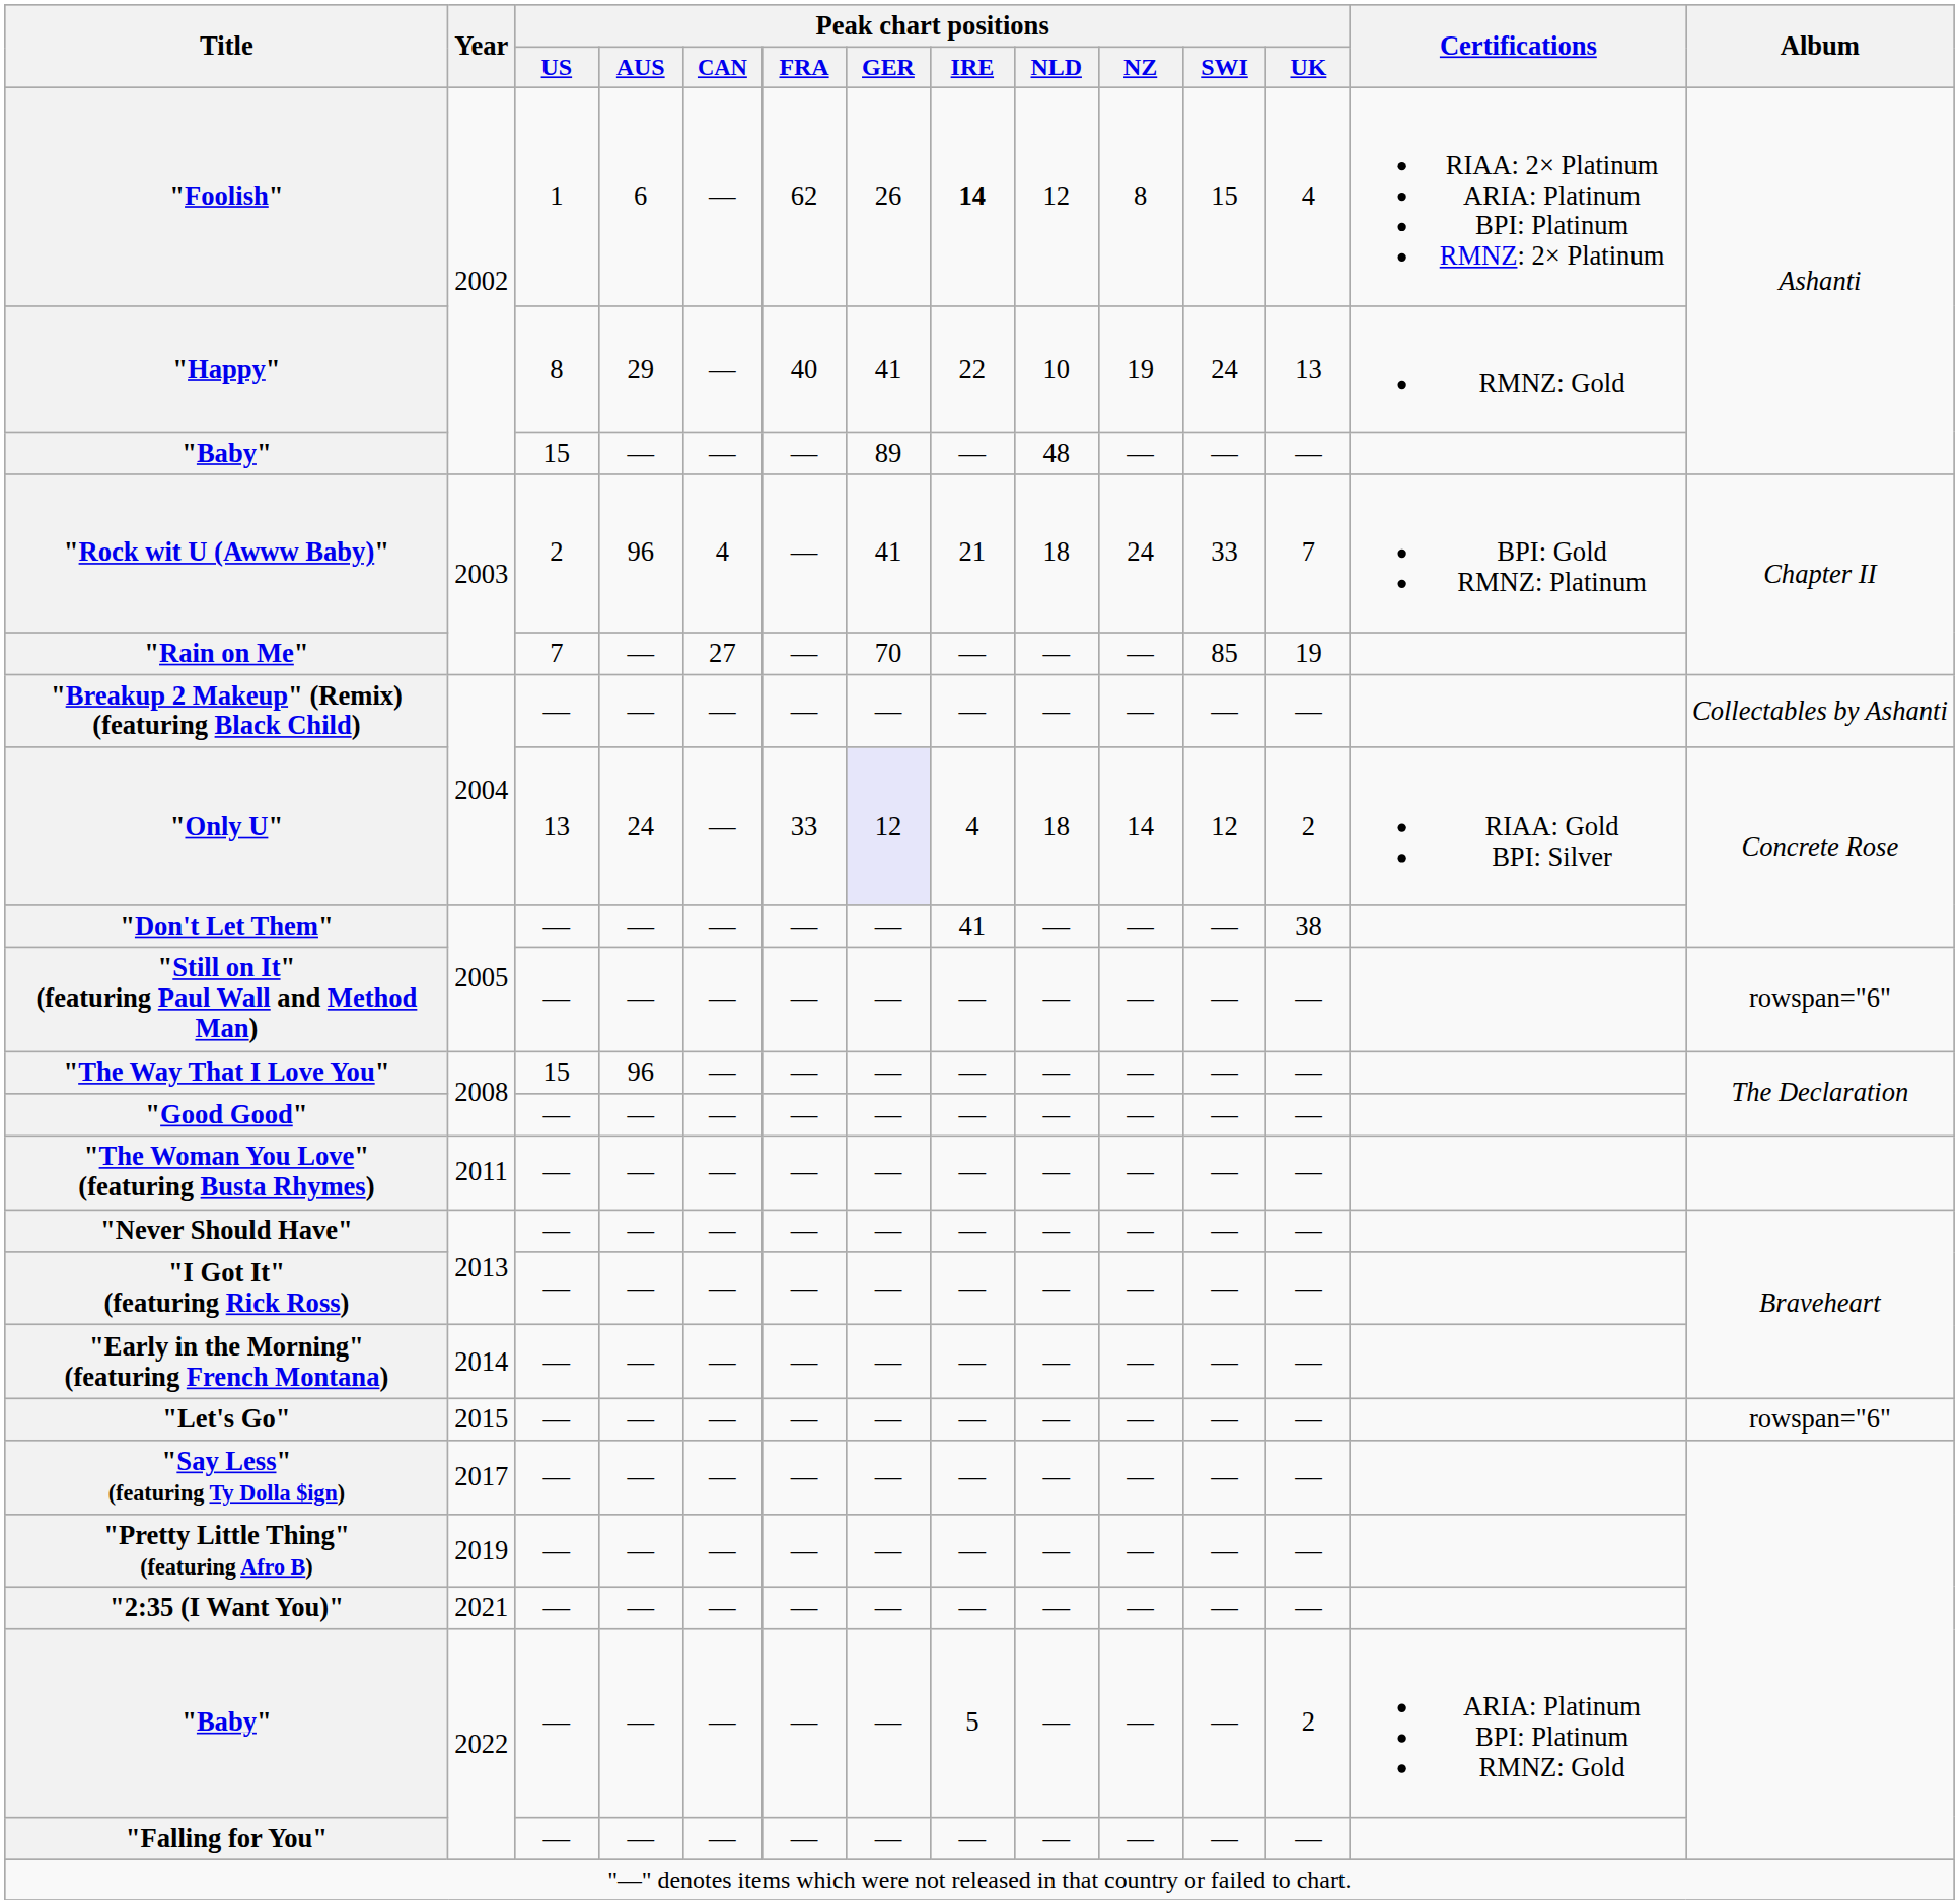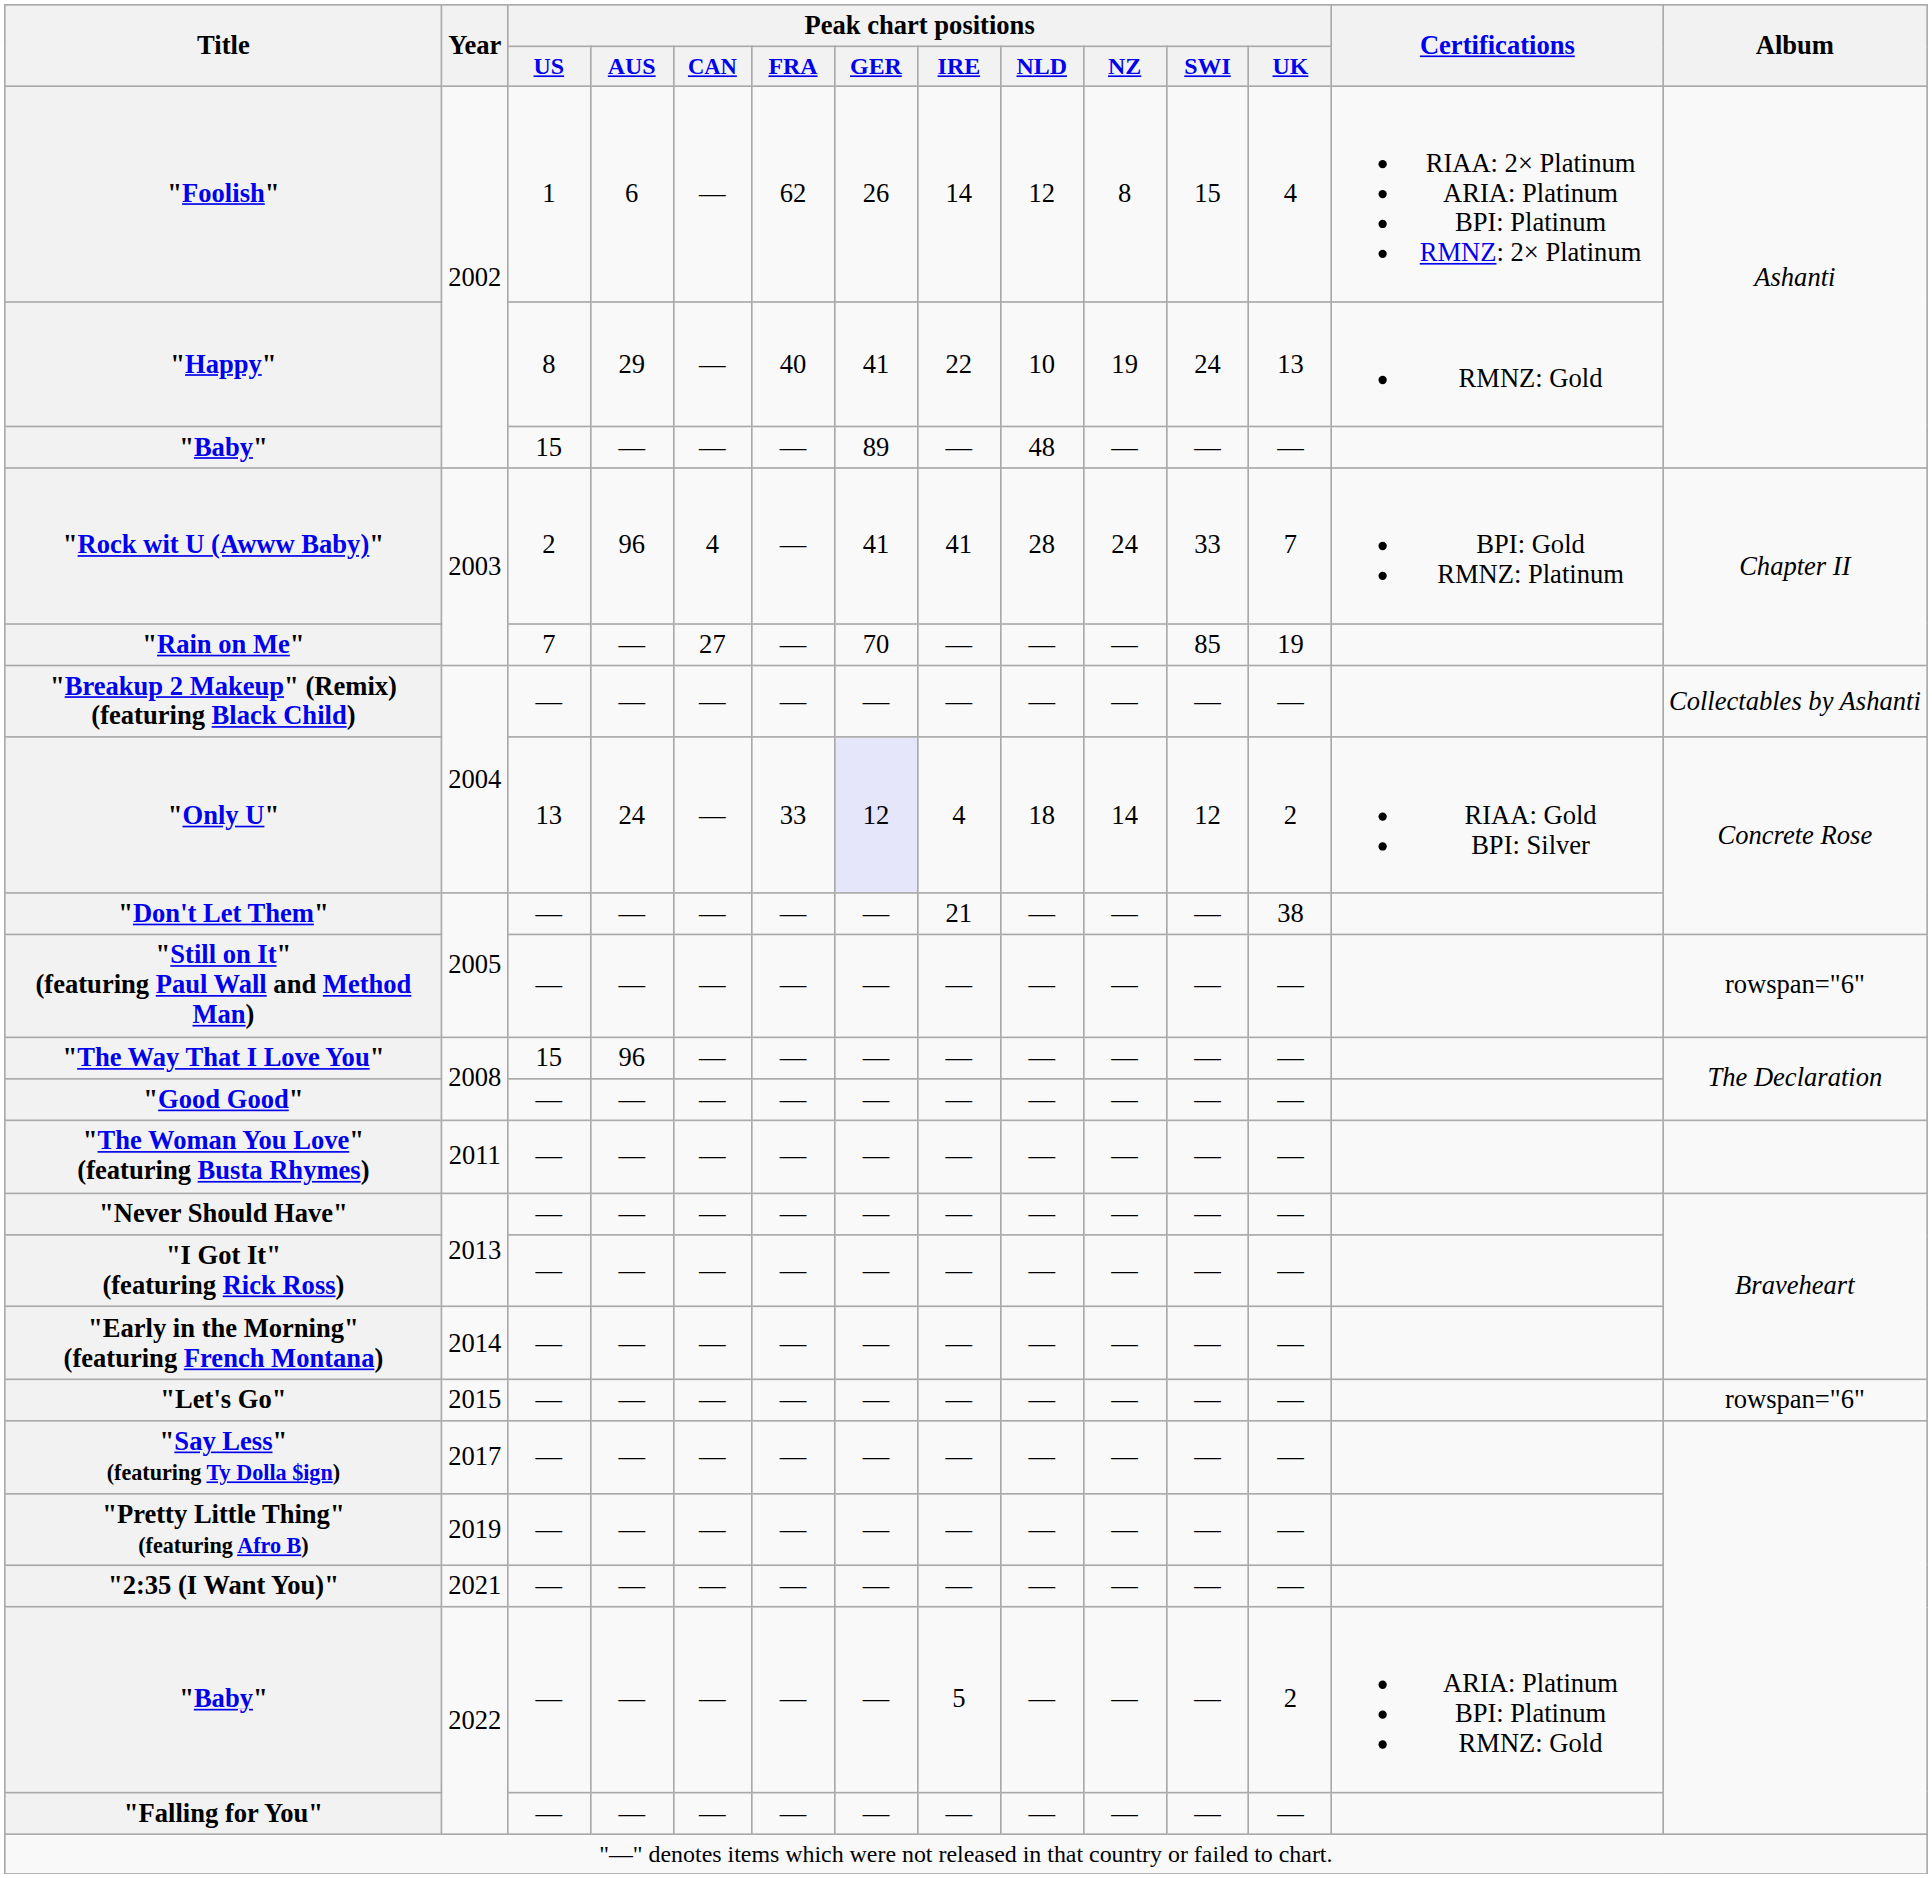 <table class="wikitable plainrowheaders" style="text-align:center;" border="1">
 <tr>
 <th scope="col" rowspan="2" style="width:16em;">Title</th>
 <th scope="col" rowspan="2">Year</th>
 <th scope="col" colspan="10">Peak chart positions</th>
 <th scope="col" rowspan="2" style="width:12em;"><a href='#'>Certifications</a></th>
 <th scope="col" rowspan="2">Album</th>
 </tr>
 <tr>
 <th style="width:3em;font-size:90%"><a href='#'>US</a><br></th>
 <th style="width:3em;font-size:90%"><a href='#'>AUS</a><br></th>
 <th style="width:3em;font-size:85%"><a href='#'>CAN</a><br></th>
 <th style="width:3em;font-size:90%"><a href='#'>FRA</a><br></th>
 <th style="width:3em;font-size:90%"><a href='#'>GER</a><br></th>
 <th style="width:3em;font-size:90%"><a href='#'>IRE</a><br></th>
 <th style="width:3em;font-size:90%"><a href='#'>NLD</a><br></th>
 <th style="width:3em;font-size:90%"><a href='#'>NZ</a><br></th>
 <th style="width:3em;font-size:90%"><a href='#'>SWI</a><br></th>
 <th style="width:3em;font-size:90%"><a href='#'>UK</a><br></th>
 </tr>
 <tr>
 <th scope="row">"<a href='#'>Foolish</a>"</th>
 <td rowspan="3">2002</td>
 <td>1</td>
 <td>6</td>
 <td>—</td>
 <td>62</td>
 <td>26</td>
-<td><strong>14</strong></td>
+<td>14</td>
 <td>12</td>
 <td>8</td>
 <td>15</td>
 <td>4</td>
 <td><br><ul><li>RIAA: 2× Platinum</li><li>ARIA: Platinum</li><li>BPI: Platinum</li><li><a href='#'>RMNZ</a>: 2× Platinum</li></ul></td>
 <td rowspan="3"><em>Ashanti</em></td>
 </tr>
 <tr>
 <th scope="row">"<a href='#'>Happy</a>"</th>
 <td>8</td>
 <td>29</td>
 <td>—</td>
 <td>40</td>
 <td>41</td>
 <td>22</td>
 <td>10</td>
 <td>19</td>
 <td>24</td>
 <td>13</td>
 <td><br><ul><li>RMNZ: Gold</li></ul></td>
 </tr>
 <tr>
 <th scope="row">"<a href='#'>Baby</a>"</th>
 <td>15</td>
 <td>—</td>
 <td>—</td>
 <td>—</td>
 <td>89</td>
 <td>—</td>
 <td>48</td>
 <td>—</td>
 <td>—</td>
 <td>—</td>
 <td></td>
 </tr>
 <tr>
 <th scope="row">"<a href='#'>Rock wit U (Awww Baby)</a>"</th>
 <td rowspan="2">2003</td>
 <td>2</td>
 <td>96</td>
 <td>4</td>
 <td>—</td>
 <td>41</td>
-<td>21</td>
-<td>18</td>
+<td>41</td>
+<td>28</td>
 <td>24</td>
 <td>33</td>
 <td>7</td>
 <td><br><ul><li>BPI: Gold</li><li>RMNZ: Platinum</li></ul></td>
 <td rowspan="2"><em>Chapter II</em></td>
 </tr>
 <tr>
 <th scope="row">"<a href='#'>Rain on Me</a>"</th>
 <td>7</td>
 <td>—</td>
 <td>27</td>
 <td>—</td>
 <td>70</td>
 <td>—</td>
 <td>—</td>
 <td>—</td>
 <td>85</td>
 <td>19</td>
 <td></td>
 </tr>
 <tr>
 <th scope="row">"<a href='#'>Breakup 2 Makeup</a>" (Remix) <br><span>(featuring <a href='#'>Black Child</a>)</span></th>
 <td rowspan="2">2004</td>
 <td>—</td>
 <td>—</td>
 <td>—</td>
 <td>—</td>
 <td>—</td>
 <td>—</td>
 <td>—</td>
 <td>—</td>
 <td>—</td>
 <td>—</td>
 <td></td>
 <td><em>Collectables by Ashanti</em></td>
 </tr>
 <tr>
 <th scope="row">"<a href='#'>Only U</a>"</th>
 <td>13</td>
 <td>24</td>
 <td>—</td>
 <td>33</td>
 <td style="background: lavender;">12</td>
 <td>4</td>
 <td>18</td>
 <td>14</td>
 <td>12</td>
 <td>2</td>
 <td><br><ul><li>RIAA: Gold</li><li>BPI: Silver</li></ul></td>
 <td rowspan="2"><em>Concrete Rose</em></td>
 </tr>
 <tr>
 <th scope="row">"<a href='#'>Don't Let Them</a>"</th>
 <td rowspan="2">2005</td>
 <td>—</td>
 <td>—</td>
 <td>—</td>
 <td>—</td>
 <td>—</td>
-<td>41</td>
+<td>21</td>
 <td>—</td>
 <td>—</td>
 <td>—</td>
 <td>38</td>
 <td></td>
 </tr>
 <tr>
 <th scope="row">"<a href='#'>Still on It</a>"<br><span>(featuring <a href='#'>Paul Wall</a> and <a href='#'>Method Man</a>)</span></th>
 <td>—</td>
 <td>—</td>
 <td>—</td>
 <td>—</td>
 <td>—</td>
 <td>—</td>
 <td>—</td>
 <td>—</td>
 <td>—</td>
 <td>—</td>
 <td></td>
 <td>rowspan="6" </td>
 </tr>
 <tr>
 <th scope="row">"<a href='#'>The Way That I Love You</a>"</th>
 <td rowspan="2">2008</td>
 <td>15</td>
 <td>96</td>
 <td>—</td>
 <td>—</td>
 <td>—</td>
 <td>—</td>
 <td>—</td>
 <td>—</td>
 <td>—</td>
 <td>—</td>
 <td></td>
 <td rowspan="2"><em>The Declaration</em></td>
 </tr>
 <tr>
 <th scope="row">"<a href='#'>Good Good</a>"</th>
 <td>—</td>
 <td>—</td>
 <td>—</td>
 <td>—</td>
 <td>—</td>
 <td>—</td>
 <td>—</td>
 <td>—</td>
 <td>—</td>
 <td>—</td>
 <td></td>
 </tr>
 <tr>
 <th scope="row">"<a href='#'>The Woman You Love</a>"<br><span>(featuring <a href='#'>Busta Rhymes</a>)</span></th>
 <td>2011</td>
 <td>—</td>
 <td>—</td>
 <td>—</td>
 <td>—</td>
 <td>—</td>
 <td>—</td>
 <td>—</td>
 <td>—</td>
 <td>—</td>
 <td>—</td>
 <td></td>
 <td></td>
 </tr>
 <tr>
 <th scope="row">"Never Should Have"</th>
 <td rowspan="2">2013</td>
 <td>—</td>
 <td>—</td>
 <td>—</td>
 <td>—</td>
 <td>—</td>
 <td>—</td>
 <td>—</td>
 <td>—</td>
 <td>—</td>
 <td>—</td>
 <td></td>
 <td rowspan="3"><em>Braveheart</em></td>
 </tr>
 <tr>
 <th scope="row">"I Got It"<br><span>(featuring <a href='#'>Rick Ross</a>)</span></th>
 <td>—</td>
 <td>—</td>
 <td>—</td>
 <td>—</td>
 <td>—</td>
 <td>—</td>
 <td>—</td>
 <td>—</td>
 <td>—</td>
 <td>—</td>
 <td></td>
 </tr>
 <tr>
 <th scope="row">"Early in the Morning"<br><span>(featuring <a href='#'>French Montana</a>)</span></th>
 <td>2014</td>
 <td>—</td>
 <td>—</td>
 <td>—</td>
 <td>—</td>
 <td>—</td>
 <td>—</td>
 <td>—</td>
 <td>—</td>
 <td>—</td>
 <td>—</td>
 <td></td>
 </tr>
 <tr>
 <th scope="row">"Let's Go"</th>
 <td>2015</td>
 <td>—</td>
 <td>—</td>
 <td>—</td>
 <td>—</td>
 <td>—</td>
 <td>—</td>
 <td>—</td>
 <td>—</td>
 <td>—</td>
 <td>—</td>
 <td></td>
 <td>rowspan="6" </td>
 </tr>
 <tr>
 <th scope="row">"<a href='#'>Say Less</a>"<br><small>(featuring <a href='#'>Ty Dolla $ign</a>)</small></th>
 <td>2017</td>
 <td>—</td>
 <td>—</td>
 <td>—</td>
 <td>—</td>
 <td>—</td>
 <td>—</td>
 <td>—</td>
 <td>—</td>
 <td>—</td>
 <td>—</td>
 <td></td>
 </tr>
 <tr>
 <th scope="row">"Pretty Little Thing"<br><small>(featuring <a href='#'>Afro B</a>)</small></th>
 <td>2019</td>
 <td>—</td>
 <td>—</td>
 <td>—</td>
 <td>—</td>
 <td>—</td>
 <td>—</td>
 <td>—</td>
 <td>—</td>
 <td>—</td>
 <td>—</td>
 <td></td>
 </tr>
 <tr>
 <th scope="row">"2:35 (I Want You)"</th>
 <td>2021</td>
 <td>—</td>
 <td>—</td>
 <td>—</td>
 <td>—</td>
 <td>—</td>
 <td>—</td>
 <td>—</td>
 <td>—</td>
 <td>—</td>
 <td>—</td>
 <td></td>
 </tr>
 <tr>
 <th scope="row">"<a href='#'>Baby</a>" <br></th>
 <td rowspan="2">2022</td>
 <td>—</td>
 <td>—</td>
 <td>—</td>
 <td>—</td>
 <td>—</td>
 <td>5</td>
 <td>—</td>
 <td>—</td>
 <td>—</td>
 <td>2</td>
 <td><br><ul><li>ARIA: Platinum</li><li>BPI: Platinum</li><li>RMNZ: Gold</li></ul></td>
 </tr>
 <tr>
 <th scope="row">"Falling for You"</th>
 <td>—</td>
 <td>—</td>
 <td>—</td>
 <td>—</td>
 <td>—</td>
 <td>—</td>
 <td>—</td>
 <td>—</td>
 <td>—</td>
 <td>—</td>
 <td></td>
 </tr>
 <tr>
 <td colspan="14" style="font-size:90%;">"—" denotes items which were not released in that country or failed to chart.</td>
 </tr>
 </table>
